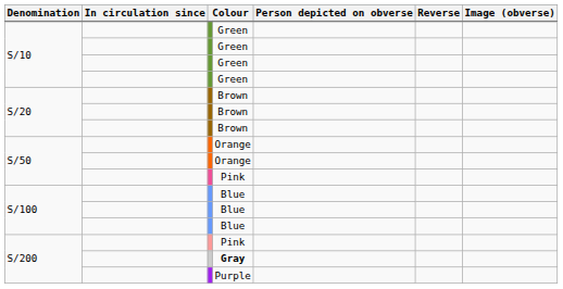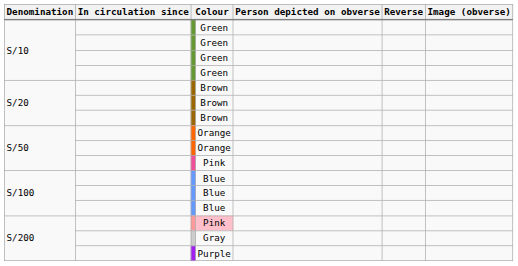 <table class="wikitable" border="1">
 <tr style="text-align:center; border-bottom:2px solid gray;" bgcolor="lightsteelblue">
 <th>Denomination</th>
 <th>In circulation since</th>
 <th colspan=2>Colour</th>
 <th>Person depicted on obverse</th>
 <th>Reverse</th>
 <th colspan="2">Image (obverse)</th>
 </tr>
 <tr>
 <td rowspan="4">S/10</td>
 <td></td>
 <td style="background-color:#669933;"></td>
 <td align=center>Green</td>
 <td></td>
 <td></td>
 <td></td>
 </tr>
 <tr>
 <td></td>
 <td style="background-color:#669933;"></td>
 <td align=center>Green</td>
 <td></td>
 <td></td>
 <td></td>
 </tr>
 <tr>
 <td></td>
 <td style="background-color:#669933;"></td>
 <td align=center>Green</td>
 <td></td>
 <td></td>
 <td></td>
 </tr>
 <tr>
 <td></td>
 <td style="background-color:#669933;"></td>
 <td align=center>Green</td>
 <td></td>
 <td></td>
 <td></td>
 </tr>
 <tr>
 <td rowspan="3">S/20</td>
 <td></td>
 <td style="background-color:#996600;"></td>
 <td align=center>Brown</td>
 <td></td>
 <td></td>
 <td></td>
 </tr>
 <tr>
 <td></td>
 <td style="background-color:#996600;"></td>
 <td align=center>Brown</td>
 <td></td>
 <td></td>
 <td></td>
 </tr>
 <tr>
 <td></td>
 <td style="background-color:#996600;"></td>
 <td align=center>Brown</td>
 <td></td>
 <td></td>
 <td></td>
 </tr>
 <tr>
 <td rowspan="3">S/50</td>
 <td></td>
 <td style="background-color:#FF6600;"></td>
 <td align=center>Orange</td>
 <td></td>
 <td></td>
 <td></td>
 </tr>
 <tr>
 <td></td>
 <td style="background-color:#FF6600;"></td>
 <td align=center>Orange</td>
 <td></td>
 <td></td>
 <td></td>
 </tr>
 <tr>
 <td></td>
 <td style="background-color:#F04E98;"></td>
 <td align=center>Pink</td>
 <td></td>
 <td></td>
 <td></td>
 </tr>
 <tr>
 <td rowspan="3">S/100</td>
 <td></td>
 <td style="background-color:#6699FF;"></td>
 <td align=center>Blue</td>
 <td></td>
 <td></td>
 <td></td>
 </tr>
 <tr>
 <td></td>
 <td style="background-color:#6699FF;"></td>
 <td align=center>Blue</td>
 <td></td>
 <td></td>
 <td></td>
 </tr>
 <tr>
 <td></td>
 <td style="background-color:#6699FF;"></td>
 <td align=center>Blue</td>
 <td></td>
 <td></td>
 <td></td>
 </tr>
 <tr>
 <td rowspan="3">S/200</td>
 <td></td>
 <td style="background-color:#FF9999;"></td>
-<td align=center>Pink</td>
+<td align=center style="background: pink;">Pink</td>
 <td></td>
 <td></td>
 <td></td>
 </tr>
 <tr>
 <td></td>
 <td style="background-color:#CCCCCC;"></td>
-<td align=center><strong>Gray</strong></td>
+<td align=center>Gray</td>
 <td></td>
 <td></td>
 <td></td>
 </tr>
 <tr>
 <td></td>
 <td style="background-color:#A020F0;"></td>
 <td align=center>Purple</td>
 <td></td>
 <td></td>
 <td></td>
 </tr>
 </table>
